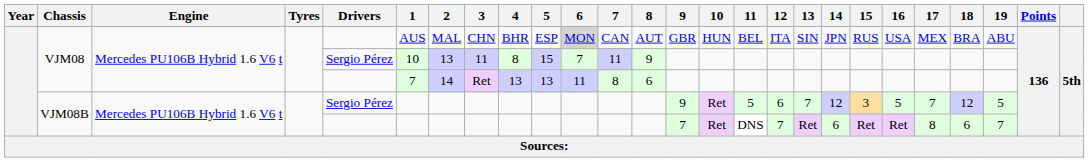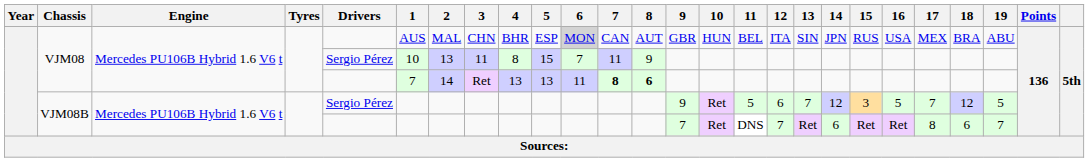 <table class="wikitable" style="text-align:center; font-size:90%">
 <tr>
 <th>Year</th>
 <th>Chassis</th>
 <th>Engine</th>
 <th>Tyres</th>
 <th>Drivers</th>
 <th>1</th>
 <th>2</th>
 <th>3</th>
 <th>4</th>
 <th>5</th>
 <th>6</th>
 <th>7</th>
 <th>8</th>
 <th>9</th>
 <th>10</th>
 <th>11</th>
 <th>12</th>
 <th>13</th>
 <th>14</th>
 <th>15</th>
 <th>16</th>
 <th>17</th>
 <th>18</th>
 <th>19</th>
 <th><a href='#'>Points</a></th>
 <th></th>
 </tr>
 <tr>
 <th rowspan="5"></th>
 <td rowspan="3">VJM08</td>
 <td rowspan="3"><a href='#'>Mercedes PU106B Hybrid</a> 1.6 <a href='#'>V6</a> <a href='#'>t</a></td>
 <td rowspan="3"></td>
 <td></td>
 <td><a href='#'>AUS</a></td>
 <td><a href='#'>MAL</a></td>
 <td><a href='#'>CHN</a></td>
 <td><a href='#'>BHR</a></td>
 <td><a href='#'>ESP</a></td>
 <td style="background: lightgrey;"><a href='#'>MON</a></td>
 <td><a href='#'>CAN</a></td>
 <td><a href='#'>AUT</a></td>
 <td><a href='#'>GBR</a></td>
 <td><a href='#'>HUN</a></td>
 <td><a href='#'>BEL</a></td>
 <td><a href='#'>ITA</a></td>
 <td><a href='#'>SIN</a></td>
 <td><a href='#'>JPN</a></td>
 <td><a href='#'>RUS</a></td>
 <td><a href='#'>USA</a></td>
 <td><a href='#'>MEX</a></td>
 <td><a href='#'>BRA</a></td>
 <td><a href='#'>ABU</a></td>
 <th rowspan="5">136</th>
 <th rowspan="5">5th</th>
 </tr>
 <tr>
 <td align="center"><a href='#'>Sergio Pérez</a></td>
 <td style="background:#dfffdf;">10</td>
 <td style="background:#cfcfff;">13</td>
 <td style="background:#cfcfff;">11</td>
 <td style="background:#dfffdf;">8</td>
 <td style="background:#cfcfff;">15</td>
 <td style="background:#dfffdf;">7</td>
 <td style="background:#cfcfff;">11</td>
 <td style="background:#dfffdf;">9</td>
 <td></td>
 <td></td>
 <td></td>
 <td></td>
 <td></td>
 <td></td>
 <td></td>
 <td></td>
 <td></td>
 <td></td>
 <td></td>
 </tr>
 <tr>
 <td align="center"></td>
 <td style="background:#dfffdf;">7</td>
 <td style="background:#cfcfff;">14</td>
 <td style="background:#efcfff;">Ret</td>
 <td style="background:#cfcfff;">13</td>
 <td style="background:#cfcfff;">13</td>
 <td style="background:#cfcfff;">11</td>
-<td style="background:#dfffdf;">8</td>
-<td style="background:#dfffdf;">6</td>
+<td style="background:#dfffdf;"><strong>8</strong></td>
+<td style="background:#dfffdf;"><strong>6</strong></td>
 <td></td>
 <td></td>
 <td></td>
 <td></td>
 <td></td>
 <td></td>
 <td></td>
 <td></td>
 <td></td>
 <td></td>
 <td></td>
 </tr>
 <tr>
 <td rowspan="2">VJM08B</td>
 <td rowspan="2"><a href='#'>Mercedes PU106B Hybrid</a> 1.6 <a href='#'>V6</a> <a href='#'>t</a></td>
 <td rowspan="2"></td>
 <td align="center"><a href='#'>Sergio Pérez</a></td>
 <td></td>
 <td></td>
 <td></td>
 <td></td>
 <td></td>
 <td></td>
 <td></td>
 <td></td>
 <td style="background:#dfffdf;">9</td>
 <td style="background:#efcfff;">Ret</td>
 <td style="background:#dfffdf;">5</td>
 <td style="background:#dfffdf;">6</td>
 <td style="background:#dfffdf;">7</td>
 <td style="background:#cfcfff;">12</td>
 <td style="background:#ffdf9f">3</td>
 <td style="background:#dfffdf;">5</td>
 <td style="background:#dfffdf;">7</td>
 <td style="background:#cfcfff;">12</td>
 <td style="background:#dfffdf;">5</td>
 </tr>
 <tr>
 <td align="center"></td>
 <td></td>
 <td></td>
 <td></td>
 <td></td>
 <td></td>
 <td></td>
 <td></td>
 <td></td>
 <td style="background:#dfffdf;">7</td>
 <td style="background:#efcfff;">Ret</td>
 <td style="background:#ffffff;">DNS</td>
 <td style="background:#dfffdf;">7</td>
 <td style="background:#efcfff;">Ret</td>
 <td style="background:#dfffdf;">6</td>
 <td style="background:#efcfff;">Ret</td>
 <td style="background:#efcfff;">Ret</td>
 <td style="background:#dfffdf;">8</td>
 <td style="background:#dfffdf;">6</td>
 <td style="background:#dfffdf;">7</td>
 </tr>
 <tr>
 <th colspan="26">Sources:</th>
 </tr>
 </table>
